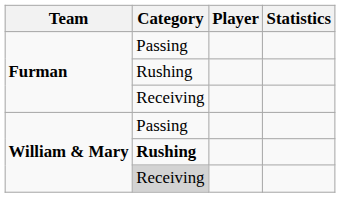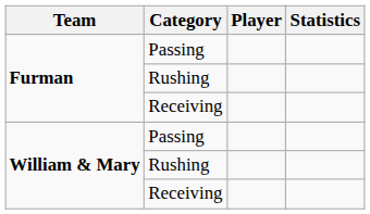 <table class="wikitable" style="float: right;">
 <tr>
 <th>Team</th>
 <th>Category</th>
 <th>Player</th>
 <th>Statistics</th>
 </tr>
 <tr>
 <td rowspan=3><strong>Furman</strong></td>
 <td>Passing</td>
 <td></td>
 <td></td>
 </tr>
 <tr>
 <td>Rushing</td>
 <td></td>
 <td></td>
 </tr>
 <tr>
 <td>Receiving</td>
 <td></td>
 <td></td>
 </tr>
 <tr>
 <td rowspan=3><strong>William & Mary</strong></td>
 <td>Passing</td>
 <td></td>
 <td></td>
 </tr>
 <tr>
-<td><strong>Rushing</strong></td>
+<td>Rushing</td>
 <td></td>
 <td></td>
 </tr>
 <tr>
-<td style="background: lightgrey;">Receiving</td>
+<td>Receiving</td>
 <td></td>
 <td></td>
 </tr>
 </table>
